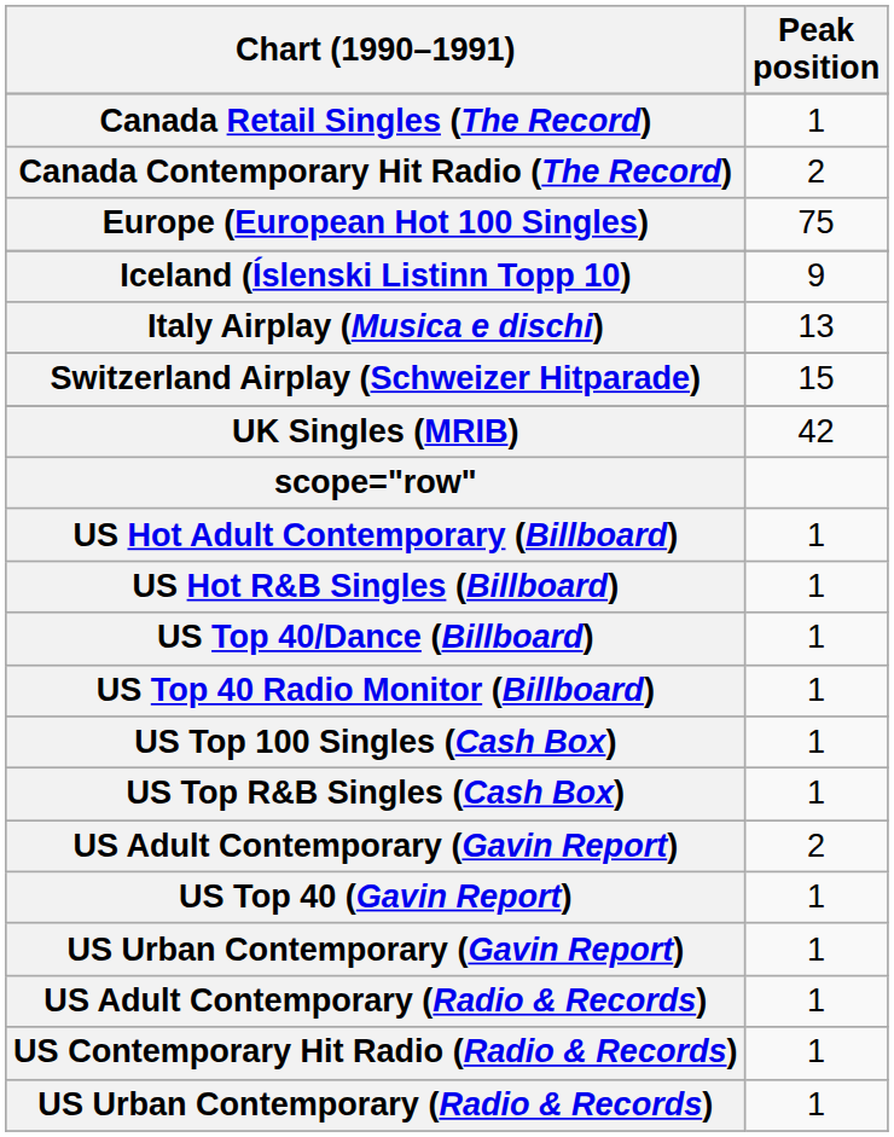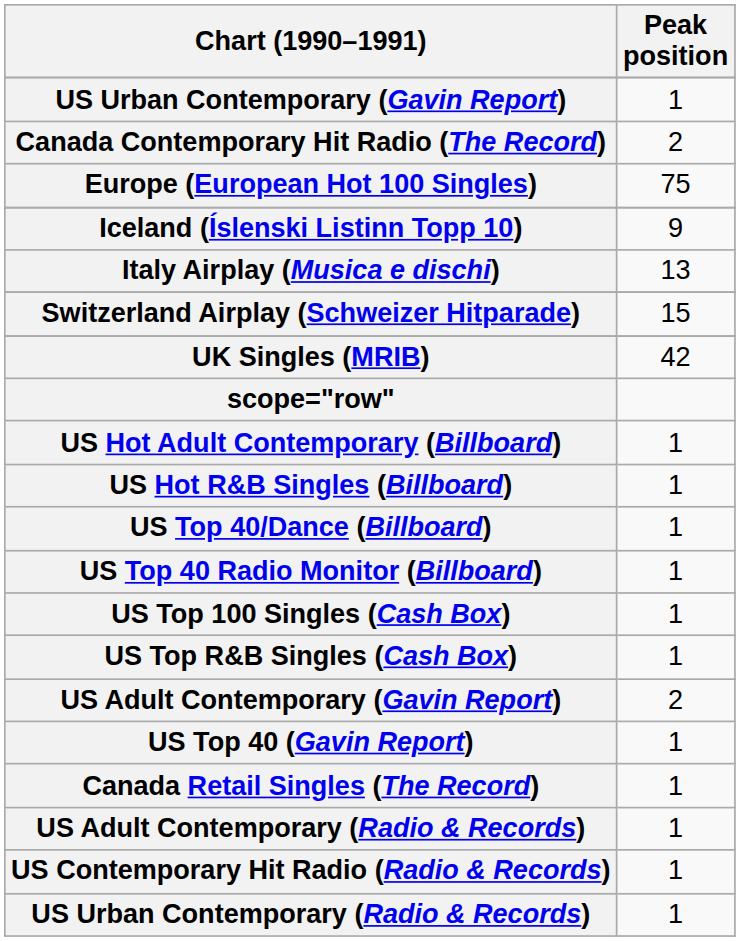 <table class="wikitable sortable plainrowheaders" style="text-align:center;">
 <tr>
 <th>Chart (1990–1991)</th>
 <th>Peak<br>position</th>
 </tr>
 <tr>
 </tr>
 <tr>
 </tr>
 <tr>
 </tr>
 <tr>
 </tr>
 <tr>
-<th scope="row">Canada <a href='#'>Retail Singles</a> (<em><a href='#'>The Record</a></em>)</th>
+<th scope="row">US Urban Contemporary (<em><a href='#'>Gavin Report</a></em>)</th>
 <td align="center">1</td>
 </tr>
 <tr>
 <th scope="row">Canada Contemporary Hit Radio (<em><a href='#'>The Record</a></em>)</th>
 <td align="center">2</td>
 </tr>
 <tr>
 <th scope="row">Europe (<a href='#'>European Hot 100 Singles</a>)</th>
 <td align="center">75</td>
 </tr>
 <tr>
 </tr>
 <tr>
 <th scope="row">Iceland (<a href='#'>Íslenski Listinn Topp 10</a>)</th>
 <td align="center">9</td>
 </tr>
 <tr>
 <th scope="row">Italy Airplay (<em><a href='#'>Musica e dischi</a></em>)</th>
 <td align="center">13</td>
 </tr>
 <tr>
 </tr>
 <tr>
 </tr>
 <tr>
 </tr>
 <tr>
 <th scope="row">Switzerland Airplay (<a href='#'>Schweizer Hitparade</a>)</th>
 <td align="center">15</td>
 </tr>
 <tr>
 </tr>
 <tr>
 <th scope="row">UK Singles (<a href='#'>MRIB</a>)</th>
 <td>42</td>
 </tr>
 <tr>
 <th>scope="row" </th>
 </tr>
 <tr>
 <th scope="row">US <a href='#'>Hot Adult Contemporary</a> (<em><a href='#'>Billboard</a></em>)</th>
 <td>1</td>
 </tr>
 <tr>
 <th scope="row">US <a href='#'>Hot R&B Singles</a> (<em><a href='#'>Billboard</a></em>)</th>
 <td>1</td>
 </tr>
 <tr>
 <th scope="row">US <a href='#'>Top 40/Dance</a> (<em><a href='#'>Billboard</a></em>)</th>
 <td align="center">1</td>
 </tr>
 <tr>
 <th scope="row">US <a href='#'>Top 40 Radio Monitor</a> (<em><a href='#'>Billboard</a></em>)</th>
 <td align="center">1</td>
 </tr>
 <tr>
 <th scope="row">US Top 100 Singles (<em><a href='#'>Cash Box</a></em>)</th>
 <td align="center">1</td>
 </tr>
 <tr>
 <th scope="row">US Top R&B Singles (<em><a href='#'>Cash Box</a></em>)</th>
 <td align="center">1</td>
 </tr>
 <tr>
 <th scope="row">US Adult Contemporary (<em><a href='#'>Gavin Report</a></em>)</th>
 <td align="center">2</td>
 </tr>
 <tr>
 <th scope="row">US Top 40 (<em><a href='#'>Gavin Report</a></em>)</th>
 <td align="center">1</td>
 </tr>
 <tr>
-<th scope="row">US Urban Contemporary (<em><a href='#'>Gavin Report</a></em>)</th>
+<th scope="row">Canada <a href='#'>Retail Singles</a> (<em><a href='#'>The Record</a></em>)</th>
 <td align="center">1</td>
 </tr>
 <tr>
 <th scope="row">US Adult Contemporary (<em><a href='#'>Radio & Records</a></em>)</th>
 <td align="center">1</td>
 </tr>
 <tr>
 <th scope="row">US Contemporary Hit Radio (<em><a href='#'>Radio & Records</a></em>)</th>
 <td align="center">1</td>
 </tr>
 <tr>
 <th scope="row">US Urban Contemporary (<em><a href='#'>Radio & Records</a></em>)</th>
 <td align="center">1</td>
 </tr>
 </table>
